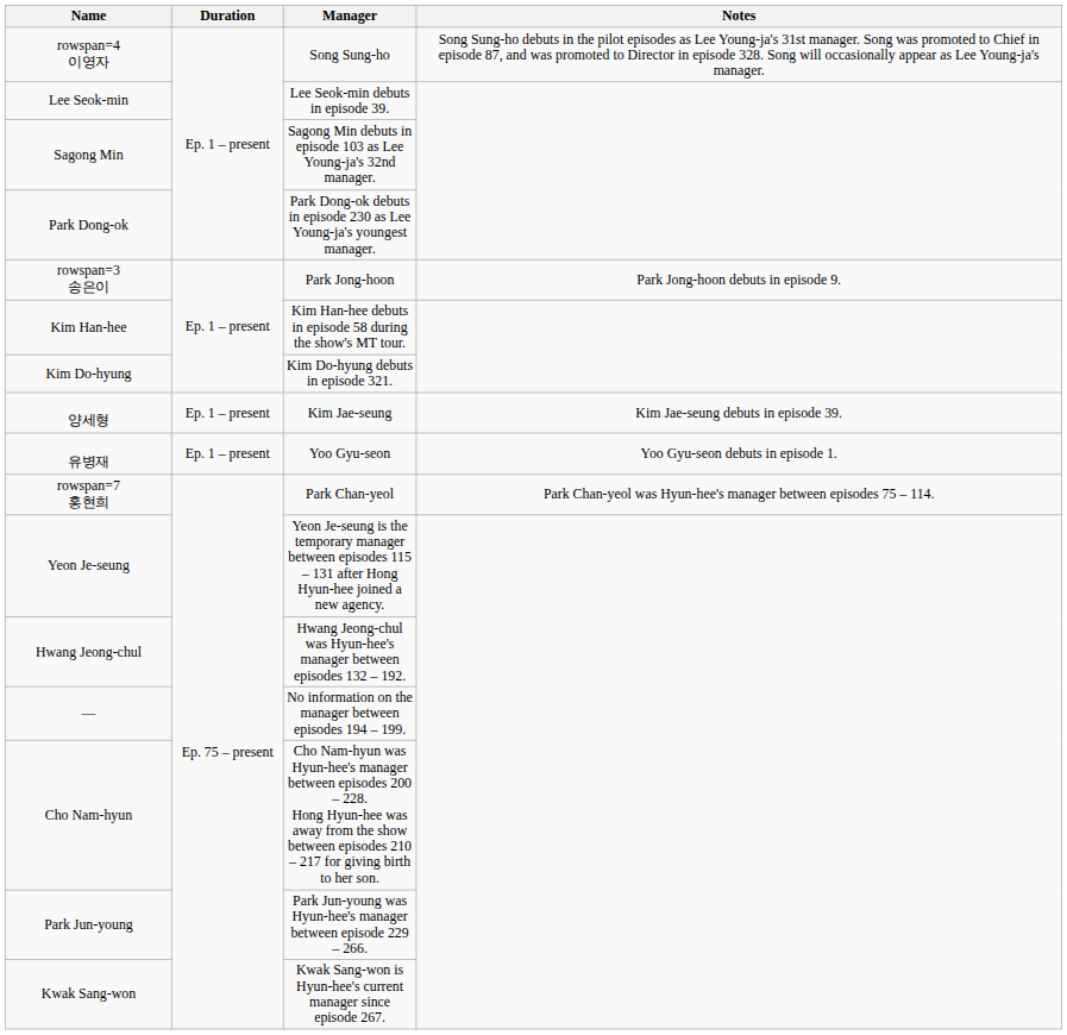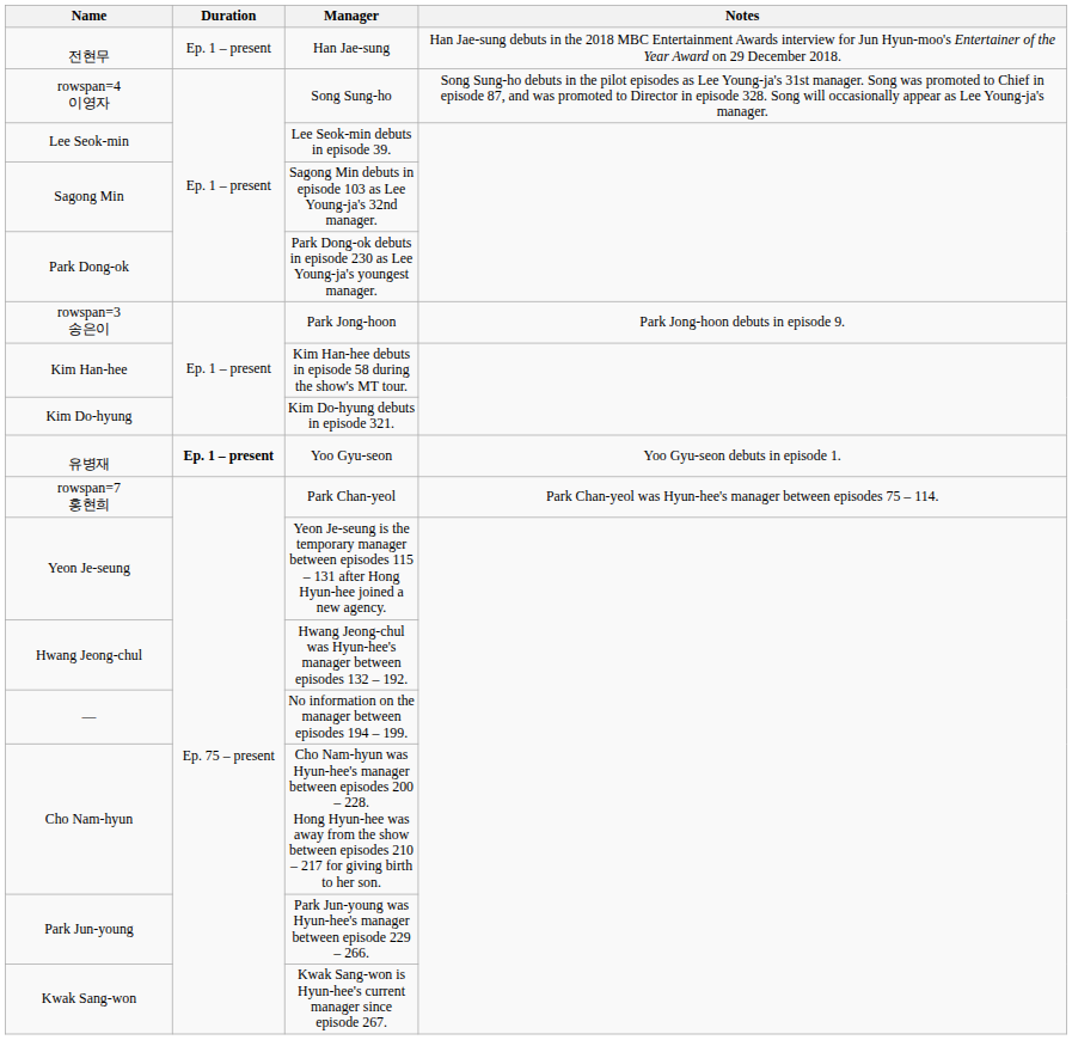 <table class=wikitable style="width:95%;text-align:center">
 <tr>
 <th style=width:15%>Name</th>
 <th style=width:10%>Duration</th>
 <th style=width:12%>Manager</th>
 <th style=width:58%>Notes</th>
+</tr>
+<tr>
+<td><br>전현무</td>
+<td>Ep. 1 – present</td>
+<td>Han Jae-sung</td>
+<td>Han Jae-sung debuts in the 2018 MBC Entertainment Awards interview for Jun Hyun-moo's <em>Entertainer of the Year Award</em> on 29 December 2018.</td>
 </tr>
 <tr>
 <td>rowspan=4 <br>이영자</td>
 <td rowspan=4>Ep. 1 – present</td>
 <td>Song Sung-ho <br></td>
 <td>Song Sung-ho debuts in the pilot episodes as Lee Young-ja's 31st manager. Song was promoted to Chief in episode 87, and was promoted to Director in episode 328. Song will occasionally appear as Lee Young-ja's manager.</td>
 </tr>
 <tr>
 <td>Lee Seok-min <br> </td>
 <td>Lee Seok-min debuts in episode 39.</td>
 </tr>
 <tr>
 <td>Sagong Min<br></td>
 <td>Sagong Min debuts in episode 103 as Lee Young-ja's 32nd manager.</td>
 </tr>
 <tr>
 <td>Park Dong-ok<br></td>
 <td>Park Dong-ok debuts in episode 230 as Lee Young-ja's youngest manager.</td>
 </tr>
 <tr>
 <td>rowspan=3 <br>송은이</td>
 <td rowspan=3>Ep. 1 – present</td>
 <td>Park Jong-hoon</td>
 <td>Park Jong-hoon debuts in episode 9.</td>
 </tr>
 <tr>
 <td>Kim Han-hee</td>
 <td>Kim Han-hee debuts in episode 58 during the show's MT tour.</td>
 </tr>
 <tr>
 <td>Kim Do-hyung</td>
 <td>Kim Do-hyung debuts in episode 321. </td>
 </tr>
 <tr>
-<td><br>양세형</td>
-<td>Ep. 1 – present</td>
-<td>Kim Jae-seung</td>
-<td>Kim Jae-seung debuts in episode 39.</td>
-</tr>
-<tr>
 <td><br>유병재</td>
-<td>Ep. 1 – present</td>
+<td><strong>Ep. 1 – present</strong></td>
 <td>Yoo Gyu-seon</td>
 <td>Yoo Gyu-seon debuts in episode 1.</td>
 </tr>
 <tr>
 <td>rowspan=7 <br>홍현희</td>
 <td rowspan=7>Ep. 75 – present</td>
 <td>Park Chan-yeol</td>
 <td>Park Chan-yeol was Hyun-hee's manager between episodes 75 – 114.</td>
 </tr>
 <tr>
 <td>Yeon Je-seung</td>
 <td>Yeon Je-seung is the temporary manager between episodes 115 – 131 after Hong Hyun-hee joined a new agency.</td>
 </tr>
 <tr>
 <td>Hwang Jeong-chul</td>
 <td>Hwang Jeong-chul was Hyun-hee's manager between episodes 132 – 192.</td>
 </tr>
 <tr>
 <td>—</td>
 <td>No information on the manager between episodes 194 – 199.</td>
 </tr>
 <tr>
 <td>Cho Nam-hyun</td>
 <td>Cho Nam-hyun was Hyun-hee's manager between episodes 200 – 228.<br> Hong Hyun-hee was away from the show between episodes 210 – 217 for giving birth to her son.</td>
 </tr>
 <tr>
 <td>Park Jun-young</td>
 <td>Park Jun-young was Hyun-hee's manager between episode 229 – 266.</td>
 </tr>
 <tr>
 <td>Kwak Sang-won</td>
 <td>Kwak Sang-won is Hyun-hee's current manager since episode 267.</td>
 </tr>
 </table>
